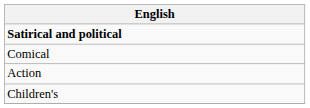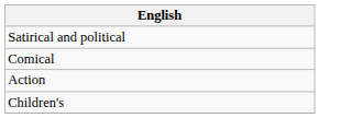 <table class="wikitable">
 <tr>
 <th width=40%>English</th>
 </tr>
 <tr>
-<td><strong>Satirical and political </strong></td>
+<td>Satirical and political </td>
 </tr>
 <tr>
 <td>Comical </td>
 </tr>
 <tr>
 <td>Action </td>
 </tr>
 <tr>
 <td>Children's </td>
 </tr>
 <tr>
 </tr>
 </table>
